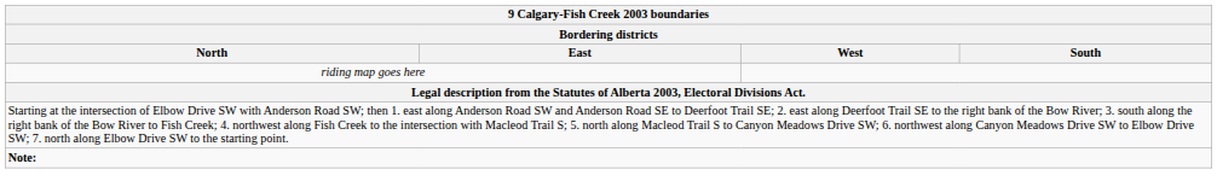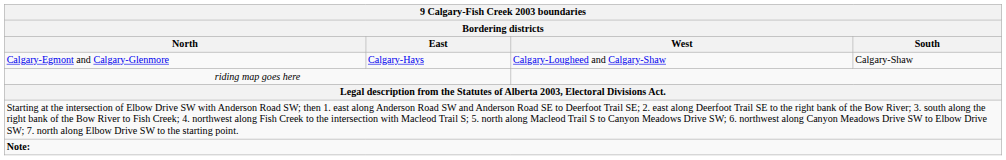 <table class="wikitable collapsible collapsed" style="width:100%;">
 <tr>
 <th colspan=4>9 Calgary-Fish Creek 2003 boundaries</th>
 </tr>
 <tr>
 <th colspan=4>Bordering districts</th>
 </tr>
 <tr>
 <th>North</th>
 <th>East</th>
 <th>West</th>
 <th>South</th>
+</tr>
+<tr>
+<td><a href='#'>Calgary-Egmont</a> and <a href='#'>Calgary-Glenmore</a></td>
+<td><a href='#'>Calgary-Hays</a></td>
+<td><a href='#'>Calgary-Lougheed</a> and <a href='#'>Calgary-Shaw</a></td>
+<td>Calgary-Shaw</td>
 </tr>
 <tr>
 <td colspan=2 align=center><em>riding map goes here</em></td>
 <td colspan=2 align=center></td>
 </tr>
 <tr>
 <th colspan=4>Legal description from the Statutes of Alberta 2003, Electoral Divisions Act.</th>
 </tr>
 <tr>
 <td colspan=4>Starting at the intersection of Elbow Drive SW with Anderson Road SW; then 1. east along Anderson Road SW and Anderson Road SE to Deerfoot Trail SE; 2. east along Deerfoot Trail SE to the right bank of the Bow River; 3. south along the right bank of the Bow River to Fish Creek; 4. northwest along Fish Creek to the intersection with Macleod Trail S; 5. north along Macleod Trail S to Canyon Meadows Drive SW; 6. northwest along Canyon Meadows Drive SW to Elbow Drive SW; 7. north along Elbow Drive SW to the starting point.</td>
 </tr>
 <tr>
 <td colspan=4><strong>Note:</strong></td>
 </tr>
 </table>
